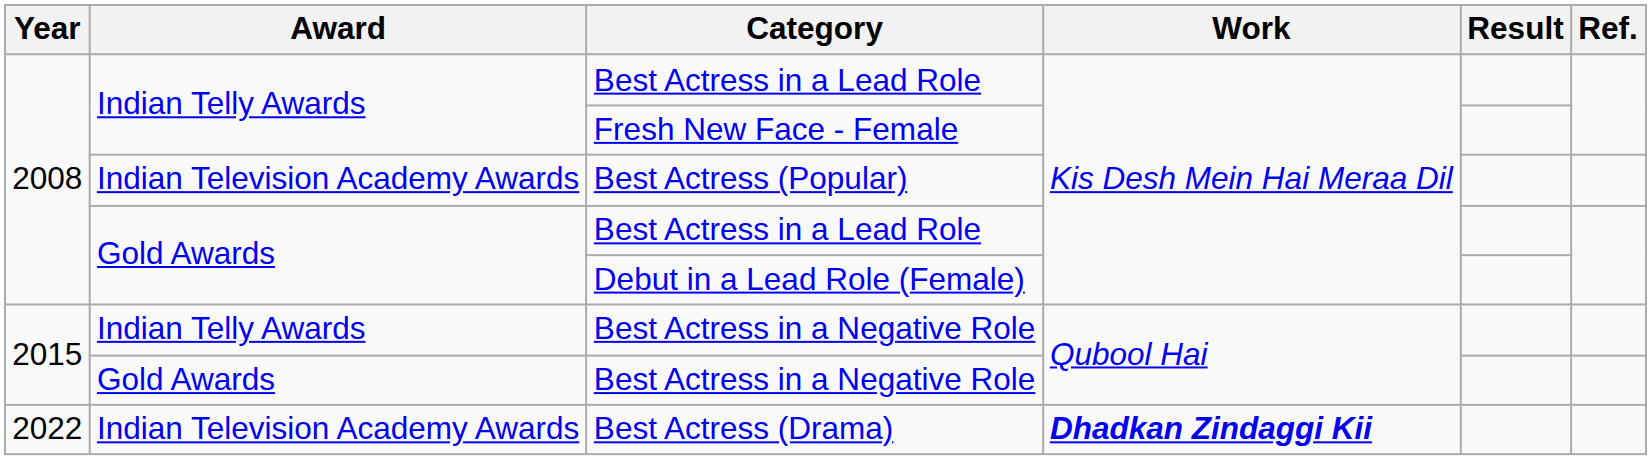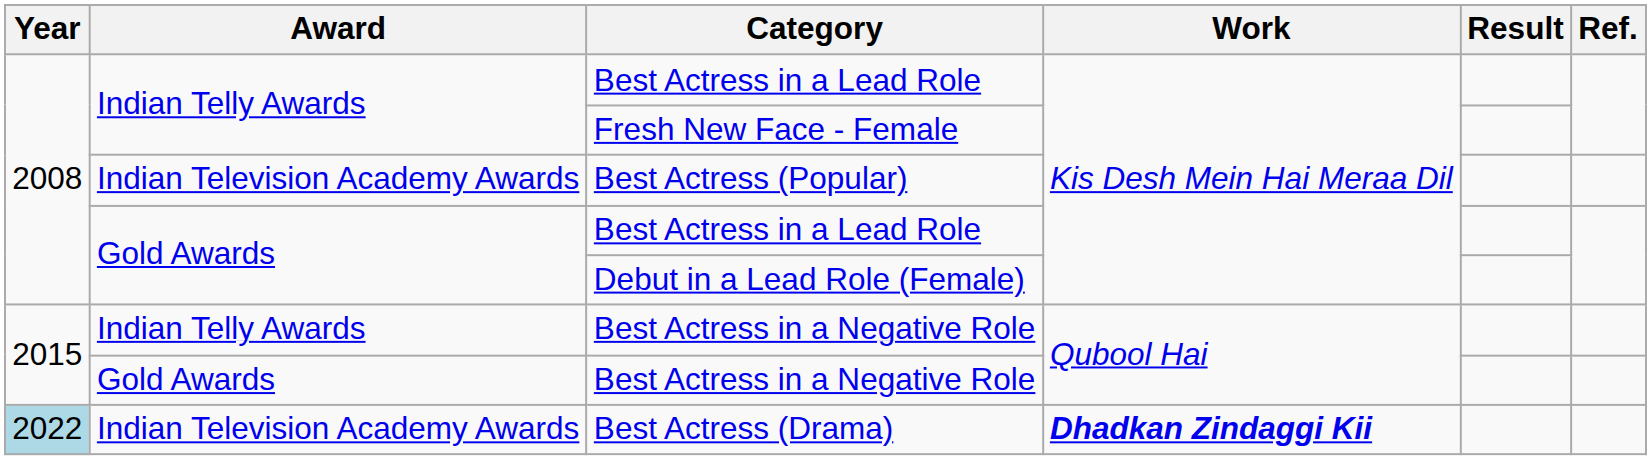 <table class="wikitable">
 <tr>
 <th>Year</th>
 <th>Award</th>
 <th>Category</th>
 <th>Work</th>
 <th>Result</th>
 <th>Ref.</th>
 </tr>
 <tr>
 <td rowspan="5">2008</td>
 <td rowspan="2"><a href='#'>Indian Telly Awards</a></td>
 <td><a href='#'>Best Actress in a Lead Role</a></td>
 <td rowspan="5"><em><a href='#'>Kis Desh Mein Hai Meraa Dil</a></em></td>
 <td></td>
 <td rowspan="2"></td>
 </tr>
 <tr>
 <td><a href='#'>Fresh New Face - Female</a></td>
 <td></td>
 </tr>
 <tr>
 <td><a href='#'>Indian Television Academy Awards</a></td>
 <td><a href='#'>Best Actress (Popular)</a></td>
 <td></td>
 <td></td>
 </tr>
 <tr>
 <td rowspan="2"><a href='#'>Gold Awards</a></td>
 <td><a href='#'>Best Actress in a Lead Role</a></td>
 <td></td>
 <td rowspan="2"></td>
 </tr>
 <tr>
 <td><a href='#'>Debut in a Lead Role (Female)</a></td>
 <td></td>
 </tr>
 <tr>
 <td rowspan="2">2015</td>
 <td><a href='#'>Indian Telly Awards</a></td>
 <td><a href='#'>Best Actress in a Negative Role</a></td>
 <td rowspan="2"><em><a href='#'>Qubool Hai</a></em></td>
 <td></td>
 <td></td>
 </tr>
 <tr>
 <td><a href='#'>Gold Awards</a></td>
 <td><a href='#'>Best Actress in a Negative Role</a></td>
 <td></td>
 <td></td>
 </tr>
 <tr>
-<td>2022</td>
+<td style="background: lightblue;">2022</td>
 <td><a href='#'>Indian Television Academy Awards</a></td>
 <td><a href='#'>Best Actress (Drama)</a></td>
 <td><strong><em><a href='#'>Dhadkan Zindaggi Kii</a></em></strong></td>
 <td></td>
 <td></td>
 </tr>
 </table>
